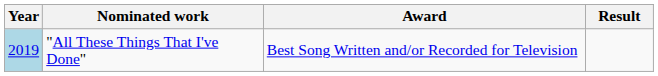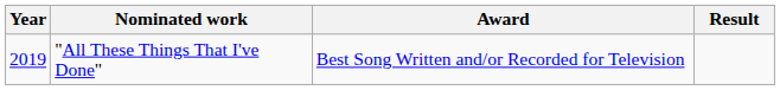 <table class=wikitable>
 <tr>
 <th>Year</th>
 <th width="220">Nominated work</th>
 <th width="325">Award</th>
 <th width="62">Result</th>
 </tr>
 <tr>
-<td rowspan="1" style="background: lightblue;"><a href='#'>2019</a></td>
+<td rowspan="1"><a href='#'>2019</a></td>
 <td>"<a href='#'>All These Things That I've Done</a>"</td>
 <td><a href='#'>Best Song Written and/or Recorded for Television</a></td>
 <td></td>
 </tr>
 </table>
